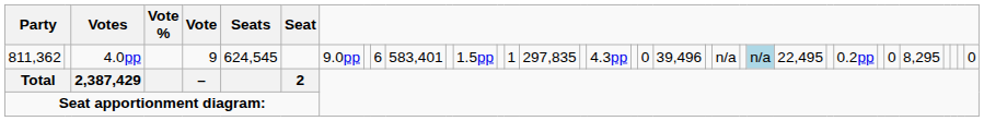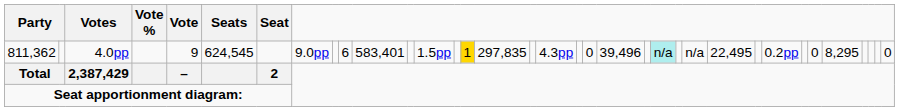 <table class=wikitable style="text-align:right;">
 <tr>
 <th colspan=2>Party</th>
 <th>Votes</th>
 <th>Vote %</th>
 <th>Vote </th>
 <th>Seats</th>
 <th>Seat </th>
 </tr>
 <tr>
 <td>811,362</td>
 <td></td>
 <td> 4.0<a href='#'>pp</a></td>
 <td style="text-align:center;"></td>
 <td> 9<br></td>
 <td>624,545</td>
 <td></td>
 <td> 9.0<a href='#'>pp</a></td>
 <td style="text-align:center;"></td>
 <td> 6<br></td>
 <td>583,401</td>
 <td></td>
 <td> 1.5<a href='#'>pp</a></td>
 <td style="text-align:center;"></td>
-<td> 1<br></td>
+<td style="background: gold;"> 1<br></td>
 <td>297,835</td>
 <td></td>
 <td> 4.3<a href='#'>pp</a></td>
 <td style="text-align:center;"></td>
 <td> 0<br></td>
 <td>39,496</td>
 <td></td>
-<td style="text-align:center;">n/a</td>
+<td style="background: paleturquoise; text-align:center;">n/a</td>
 <td style="text-align:center;"></td>
-<td style="background: lightblue; text-align:center;">n/a<br></td>
+<td style="text-align:center;">n/a<br></td>
 <td>22,495</td>
 <td></td>
 <td> 0.2<a href='#'>pp</a></td>
 <td style="text-align:center;"></td>
 <td> 0<br></td>
 <td>8,295</td>
 <td></td>
 <td style="text-align:center;"><em></em></td>
 <td style="text-align:center;"></td>
 <td> 0</td>
 </tr>
 <tr>
 <th colspan="2">Total</th>
 <th>2,387,429</th>
 <th></th>
 <th>–</th>
 <th style="text-align:center;"></th>
 <th> 2</th>
 </tr>
 <tr>
 <td colspan=7; style=text-align:center><strong>Seat apportionment diagram:</strong><br></td>
 </tr>
 </table>
